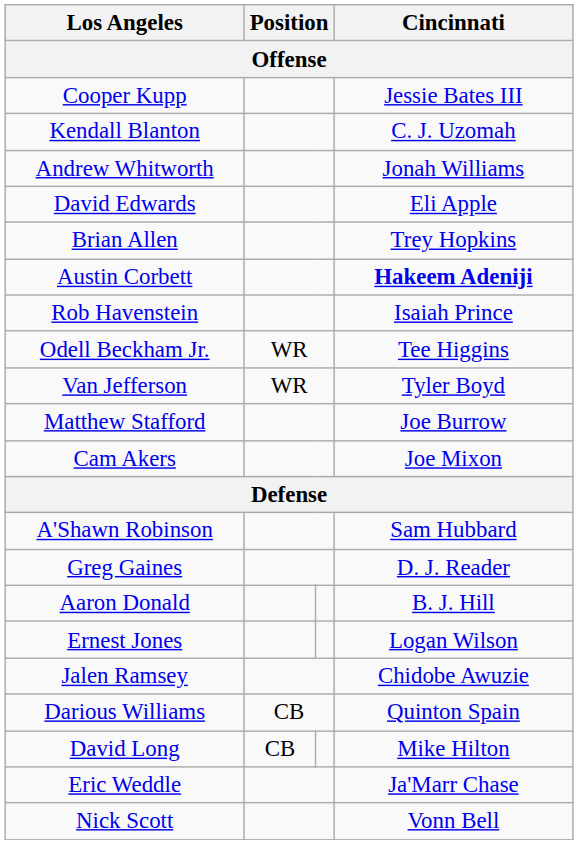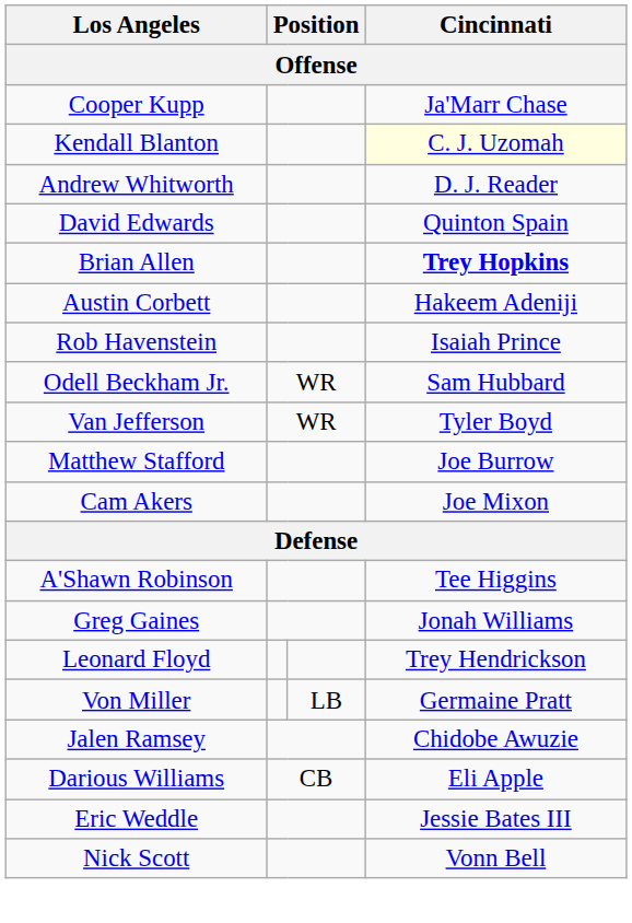 <table class="wikitable" style="text-align:center;margin:0 auto">
 <tr>
 <th style="width:160px;">Los Angeles</th>
 <th colspan="2">Position</th>
 <th style="width:160px;">Cincinnati</th>
 </tr>
 <tr>
 <th colspan="4">Offense</th>
 </tr>
 <tr>
 <td><a href='#'>Cooper Kupp</a></td>
 <td colspan="2"></td>
-<td><a href='#'>Jessie Bates III</a></td>
+<td><a href='#'>Ja'Marr Chase</a></td>
 </tr>
 <tr>
 <td><a href='#'>Kendall Blanton</a></td>
 <td colspan="2"></td>
-<td><a href='#'>C. J. Uzomah</a></td>
+<td style="background: lightyellow;"><a href='#'>C. J. Uzomah</a></td>
 </tr>
 <tr>
 <td><a href='#'>Andrew Whitworth</a></td>
 <td colspan="2"></td>
-<td><a href='#'>Jonah Williams</a></td>
+<td><a href='#'>D. J. Reader</a></td>
 </tr>
 <tr>
 <td><a href='#'>David Edwards</a></td>
 <td colspan="2"></td>
-<td><a href='#'>Eli Apple</a></td>
+<td><a href='#'>Quinton Spain</a></td>
 </tr>
 <tr>
 <td><a href='#'>Brian Allen</a></td>
 <td colspan="2"></td>
-<td><a href='#'>Trey Hopkins</a></td>
+<td><strong><a href='#'>Trey Hopkins</a></strong></td>
 </tr>
 <tr>
 <td><a href='#'>Austin Corbett</a></td>
 <td colspan="2"></td>
-<td><strong><a href='#'>Hakeem Adeniji</a></strong></td>
+<td><a href='#'>Hakeem Adeniji</a></td>
 </tr>
 <tr>
 <td><a href='#'>Rob Havenstein</a></td>
 <td colspan="2"></td>
 <td><a href='#'>Isaiah Prince</a></td>
 </tr>
 <tr>
 <td><a href='#'>Odell Beckham Jr.</a></td>
 <td colspan="2">WR</td>
-<td><a href='#'>Tee Higgins</a></td>
+<td><a href='#'>Sam Hubbard</a></td>
 </tr>
 <tr>
 <td><a href='#'>Van Jefferson</a></td>
 <td colspan="2">WR</td>
 <td><a href='#'>Tyler Boyd</a></td>
 </tr>
 <tr>
 <td><a href='#'>Matthew Stafford</a></td>
 <td colspan="2"></td>
 <td><a href='#'>Joe Burrow</a></td>
 </tr>
 <tr>
 <td><a href='#'>Cam Akers</a></td>
 <td colspan="2"></td>
 <td><a href='#'>Joe Mixon</a></td>
 </tr>
 <tr>
 <th colspan="4">Defense</th>
 </tr>
 <tr>
 <td><a href='#'>A'Shawn Robinson</a></td>
 <td colspan="2"></td>
-<td><a href='#'>Sam Hubbard</a></td>
+<td><a href='#'>Tee Higgins</a></td>
 </tr>
 <tr>
 <td><a href='#'>Greg Gaines</a></td>
 <td colspan="2"></td>
-<td><a href='#'>D. J. Reader</a></td>
+<td><a href='#'>Jonah Williams</a></td>
 </tr>
 <tr>
-<td><a href='#'>Aaron Donald</a></td>
+<td><a href='#'>Leonard Floyd</a></td>
 <td></td>
 <td></td>
-<td><a href='#'>B. J. Hill</a></td>
+<td><a href='#'>Trey Hendrickson</a></td>
 </tr>
 <tr>
-<td><a href='#'>Ernest Jones</a></td>
+<td><a href='#'>Von Miller</a></td>
 <td></td>
-<td></td>
-<td><a href='#'>Logan Wilson</a></td>
+<td>LB</td>
+<td><a href='#'>Germaine Pratt</a></td>
 </tr>
 <tr>
 <td><a href='#'>Jalen Ramsey</a></td>
 <td colspan="2"></td>
 <td><a href='#'>Chidobe Awuzie</a></td>
 </tr>
 <tr>
 <td><a href='#'>Darious Williams</a></td>
 <td colspan="2">CB</td>
-<td><a href='#'>Quinton Spain</a></td>
-</tr>
-<tr>
-<td><a href='#'>David Long</a></td>
-<td>CB</td>
-<td></td>
-<td><a href='#'>Mike Hilton</a></td>
+<td><a href='#'>Eli Apple</a></td>
 </tr>
 <tr>
 <td><a href='#'>Eric Weddle</a></td>
 <td colspan="2"></td>
-<td><a href='#'>Ja'Marr Chase</a></td>
+<td><a href='#'>Jessie Bates III</a></td>
 </tr>
 <tr>
 <td><a href='#'>Nick Scott</a></td>
 <td colspan="2"></td>
 <td><a href='#'>Vonn Bell</a></td>
 </tr>
 </table>
